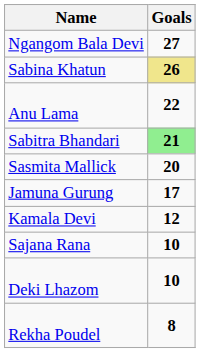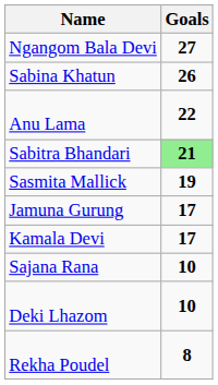 <table class="wikitable sortable" style="text-align:center;">
 <tr>
 <th>Name</th>
 <th>Goals</th>
 </tr>
 <tr>
 <td align="left"> <a href='#'>Ngangom Bala Devi</a></td>
 <td><strong>27</strong></td>
 </tr>
 <tr>
 <td align="left"> <a href='#'>Sabina Khatun</a></td>
-<td style="background: khaki;"><strong>26</strong></td>
+<td><strong>26</strong></td>
 </tr>
 <tr>
 <td align="left"><br> <a href='#'>Anu Lama</a></td>
 <td><strong>22</strong></td>
 </tr>
 <tr>
 <td align="left"> <a href='#'>Sabitra Bhandari</a></td>
 <td style="background: lightgreen;"><strong>21</strong></td>
 </tr>
 <tr>
 <td align="left"> <a href='#'>Sasmita Mallick</a></td>
-<td><strong>20</strong></td>
+<td><strong>19</strong></td>
 </tr>
 <tr>
 <td align="left"> <a href='#'>Jamuna Gurung</a></td>
 <td><strong>17</strong></td>
 </tr>
 <tr>
 <td align="left"> <a href='#'>Kamala Devi</a></td>
-<td><strong>12</strong></td>
+<td><strong>17</strong></td>
 </tr>
 <tr>
 <td align="left"> <a href='#'>Sajana Rana</a></td>
 <td><strong>10</strong></td>
 </tr>
 <tr>
 <td align="left"><br> <a href='#'>Deki Lhazom</a></td>
 <td><strong>10</strong></td>
 </tr>
 <tr>
 <td align="left"><br> <a href='#'>Rekha Poudel</a></td>
 <td><strong>8</strong></td>
 </tr>
 </table>
